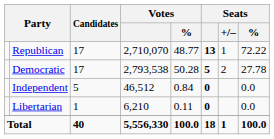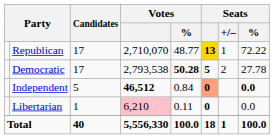 <table class="wikitable" style="font-size: 95%;">
 <tr>
 <th colspan="2" rowspan="2">Party</th>
 <th rowspan="2"><small>Candi</small><small>dates</small></th>
 <th colspan="2">Votes</th>
 <th colspan="3">Seats</th>
 </tr>
 <tr>
 <th></th>
 <th>%</th>
 <th></th>
 <th>+/–</th>
 <th>%</th>
 </tr>
 <tr>
 <td style="color:inherit;background:"></td>
 <td align="left"><a href='#'>Republican</a></td>
 <td>17</td>
 <td>2,710,070</td>
 <td>48.77</td>
-<td><strong>13</strong></td>
+<td style="background: gold;"><strong>13</strong></td>
 <td> 1</td>
 <td>72.22</td>
 </tr>
 <tr>
 <td style="color:inherit;background:"></td>
 <td align="left"><a href='#'>Democratic</a></td>
 <td>17</td>
 <td>2,793,538</td>
-<td>50.28</td>
+<td><strong>50.28</strong></td>
 <td><strong>5</strong></td>
 <td> 2</td>
 <td>27.78</td>
 </tr>
 <tr>
 <td style="color:inherit;background:"></td>
 <td align="left"><a href='#'>Independent</a></td>
 <td>5</td>
-<td>46,512</td>
+<td><strong>46,512</strong></td>
 <td>0.84</td>
-<td><strong>0</strong></td>
+<td style="background: lightsalmon;"><strong>0</strong></td>
 <td></td>
-<td>0.0</td>
+<td><strong>0.0</strong></td>
 </tr>
 <tr>
 <td style="color:inherit;background:"></td>
 <td align="left"><a href='#'>Libertarian</a></td>
 <td>1</td>
-<td>6,210</td>
+<td style="background: pink;">6,210</td>
 <td>0.11</td>
 <td><strong>0</strong></td>
 <td></td>
 <td>0.0</td>
 </tr>
 <tr>
 </tr>
 <tr style="font-weight:bold">
 <td colspan="2" align="left">Total</td>
 <td>40</td>
 <td>5,556,330</td>
 <td>100.0</td>
 <td>18</td>
 <td> 1</td>
 <td>100.0</td>
 </tr>
 </table>
